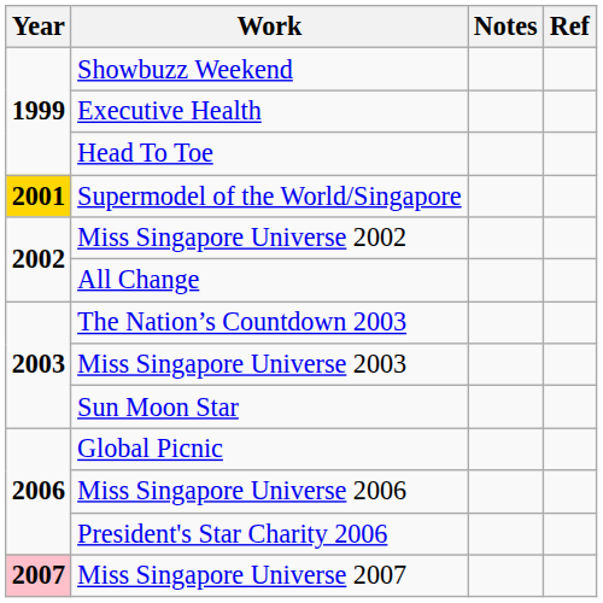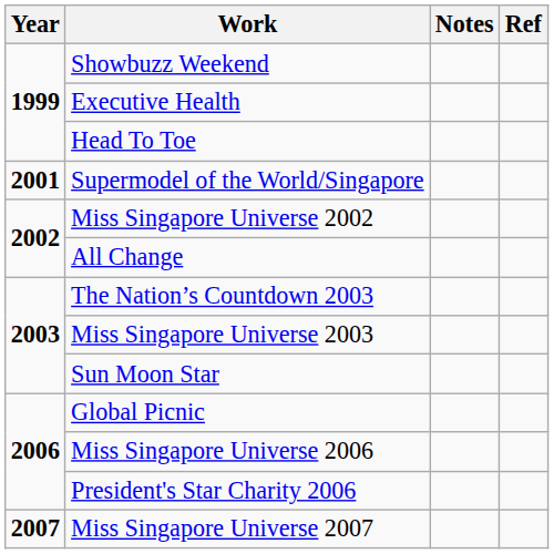 <table class="wikitable sortable">
 <tr>
 <th>Year</th>
 <th>Work</th>
 <th>Notes</th>
 <th>Ref</th>
 </tr>
 <tr>
 <td rowspan="3"><strong>1999</strong></td>
 <td><a href='#'>Showbuzz Weekend</a></td>
 <td></td>
 <td></td>
 </tr>
 <tr>
 <td><a href='#'>Executive Health</a></td>
 <td></td>
 <td></td>
 </tr>
 <tr>
 <td><a href='#'>Head To Toe</a></td>
 <td></td>
 <td></td>
 </tr>
 <tr>
-<td style="background: gold;"><strong>2001</strong></td>
+<td><strong>2001</strong></td>
 <td><a href='#'>Supermodel of the World/Singapore</a></td>
 <td></td>
 <td></td>
 </tr>
 <tr>
 <td rowspan="2"><strong>2002</strong></td>
 <td><a href='#'>Miss Singapore Universe</a> 2002</td>
 <td></td>
 <td></td>
 </tr>
 <tr>
 <td><a href='#'>All Change</a></td>
 <td></td>
 <td></td>
 </tr>
 <tr>
 <td rowspan="3"><strong>2003</strong></td>
 <td><a href='#'>The Nation’s Countdown 2003</a></td>
 <td></td>
 <td></td>
 </tr>
 <tr>
 <td><a href='#'>Miss Singapore Universe</a> 2003</td>
 <td></td>
 <td></td>
 </tr>
 <tr>
 <td><a href='#'>Sun Moon Star</a></td>
 <td></td>
 <td></td>
 </tr>
 <tr>
 <td rowspan="3"><strong>2006</strong></td>
 <td><a href='#'>Global Picnic</a></td>
 <td></td>
 <td></td>
 </tr>
 <tr>
 <td><a href='#'>Miss Singapore Universe</a> 2006</td>
 <td></td>
 <td></td>
 </tr>
 <tr>
 <td><a href='#'>President's Star Charity 2006</a></td>
 <td></td>
 <td></td>
 </tr>
 <tr>
-<td style="background: pink;"><strong>2007</strong></td>
+<td><strong>2007</strong></td>
 <td><a href='#'>Miss Singapore Universe</a> 2007</td>
 <td></td>
 <td></td>
 </tr>
 </table>
